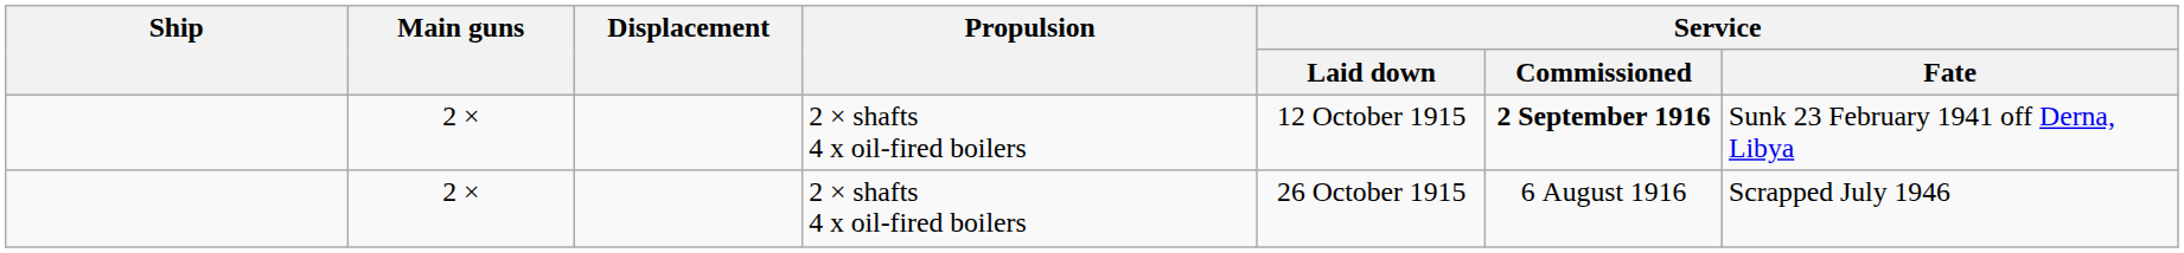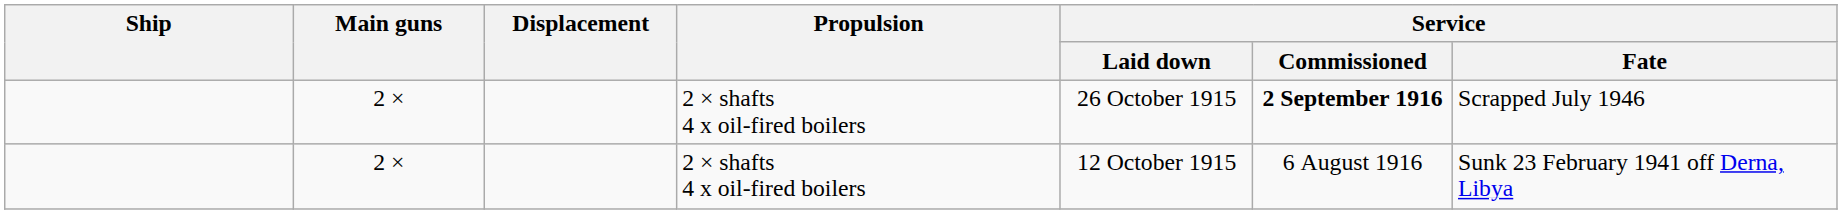 <table class="wikitable" style="width:98%;">
 <tr valign="top"|- valign="top">
 <th style="width:15%; text-align:center;" rowspan="2">Ship</th>
 <th style="width:10%; text-align:center;" rowspan="2">Main guns</th>
 <th style="width:10%; text-align:center;" rowspan="2">Displacement</th>
 <th style="width:20%; text-align:center;" rowspan="2">Propulsion</th>
 <th style="width:40%; text-align:center;" colspan="3">Service</th>
 </tr>
 <tr valign="top">
 <th style="width:10%; text-align:center;">Laid down</th>
 <th style="width:10%; text-align:center;">Commissioned</th>
 <th style="width:20%; text-align:center;">Fate</th>
 </tr>
 <tr valign="top">
 <td align= left></td>
 <td style="text-align:center;">2 × </td>
 <td style="text-align:center;"></td>
 <td align= left>2 × shafts<br>4 x oil-fired boilers</td>
-<td style="text-align:center;">12 October 1915</td>
+<td style="text-align:center;">26 October 1915</td>
 <td style="text-align:center;"><strong>2 September 1916</strong></td>
-<td align= left>Sunk 23 February 1941 off <a href='#'>Derna, Libya</a></td>
+<td align= left>Scrapped July 1946</td>
 </tr>
 <tr valign="top">
 <td align= left></td>
 <td style="text-align:center;">2 × </td>
 <td style="text-align:center;"></td>
 <td align= left>2 × shafts<br>4 x oil-fired boilers</td>
-<td style="text-align:center;">26 October 1915</td>
+<td style="text-align:center;">12 October 1915</td>
 <td style="text-align:center;">6 August 1916</td>
-<td align= left>Scrapped July 1946</td>
+<td align= left>Sunk 23 February 1941 off <a href='#'>Derna, Libya</a></td>
 </tr>
 </table>
